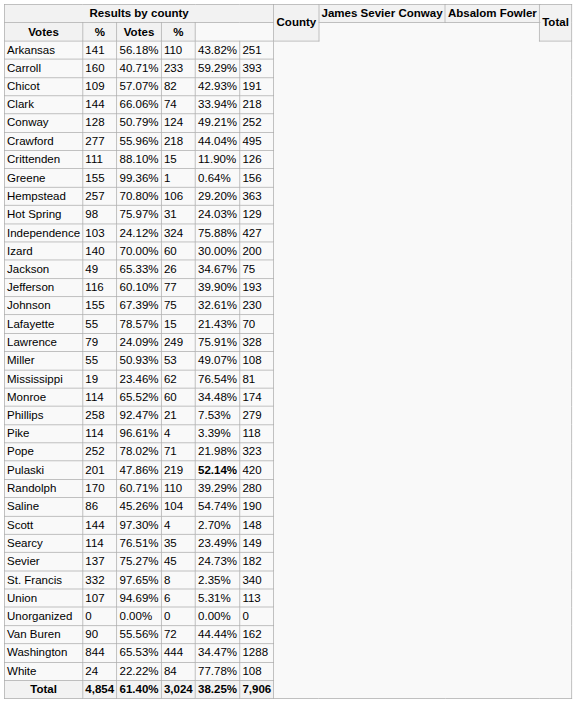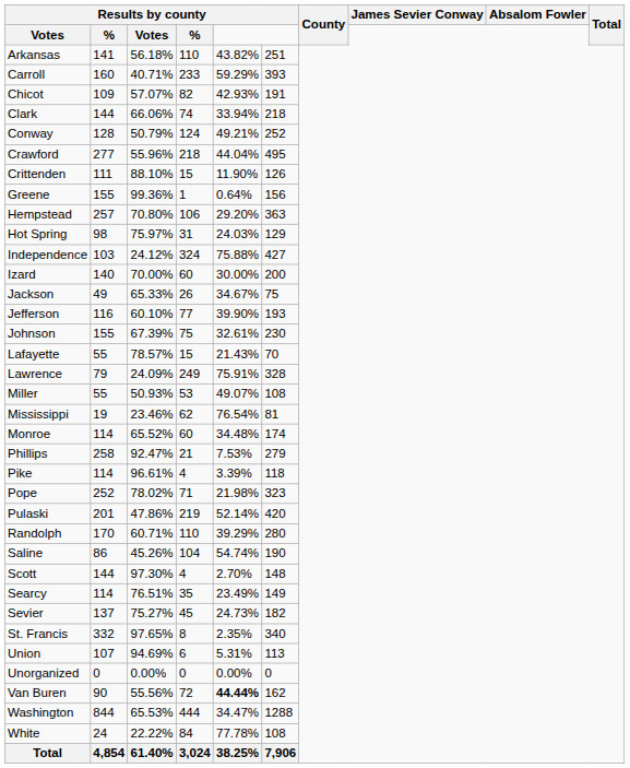 <table class="wikitable sortable mw-collapsible mw-collapsed">
 <tr>
 <th colspan="6"><strong>Results by county</strong></th>
 <th rowspan="2">County</th>
 <th colspan="2">James Sevier Conway</th>
 <th colspan="2">Absalom Fowler</th>
 <th rowspan="2">Total</th>
 </tr>
 <tr>
 <th>Votes</th>
 <th>%</th>
 <th>Votes</th>
 <th>%</th>
 </tr>
 <tr>
 <td>Arkansas</td>
 <td>141</td>
 <td>56.18%</td>
 <td>110</td>
 <td>43.82%</td>
 <td>251</td>
 </tr>
 <tr>
 <td>Carroll</td>
 <td>160</td>
 <td>40.71%</td>
 <td>233</td>
 <td>59.29%</td>
 <td>393</td>
 </tr>
 <tr>
 <td>Chicot</td>
 <td>109</td>
 <td>57.07%</td>
 <td>82</td>
 <td>42.93%</td>
 <td>191</td>
 </tr>
 <tr>
 <td>Clark</td>
 <td>144</td>
 <td>66.06%</td>
 <td>74</td>
 <td>33.94%</td>
 <td>218</td>
 </tr>
 <tr>
 <td>Conway</td>
 <td>128</td>
 <td>50.79%</td>
 <td>124</td>
 <td>49.21%</td>
 <td>252</td>
 </tr>
 <tr>
 <td>Crawford</td>
 <td>277</td>
 <td>55.96%</td>
 <td>218</td>
 <td>44.04%</td>
 <td>495</td>
 </tr>
 <tr>
 <td>Crittenden</td>
 <td>111</td>
 <td>88.10%</td>
 <td>15</td>
 <td>11.90%</td>
 <td>126</td>
 </tr>
 <tr>
 <td>Greene</td>
 <td>155</td>
 <td>99.36%</td>
 <td>1</td>
 <td>0.64%</td>
 <td>156</td>
 </tr>
 <tr>
 <td>Hempstead</td>
 <td>257</td>
 <td>70.80%</td>
 <td>106</td>
 <td>29.20%</td>
 <td>363</td>
 </tr>
 <tr>
 <td>Hot Spring</td>
 <td>98</td>
 <td>75.97%</td>
 <td>31</td>
 <td>24.03%</td>
 <td>129</td>
 </tr>
 <tr>
 <td>Independence</td>
 <td>103</td>
 <td>24.12%</td>
 <td>324</td>
 <td>75.88%</td>
 <td>427</td>
 </tr>
 <tr>
 <td>Izard</td>
 <td>140</td>
 <td>70.00%</td>
 <td>60</td>
 <td>30.00%</td>
 <td>200</td>
 </tr>
 <tr>
 <td>Jackson</td>
 <td>49</td>
 <td>65.33%</td>
 <td>26</td>
 <td>34.67%</td>
 <td>75</td>
 </tr>
 <tr>
 <td>Jefferson</td>
 <td>116</td>
 <td>60.10%</td>
 <td>77</td>
 <td>39.90%</td>
 <td>193</td>
 </tr>
 <tr>
 <td>Johnson</td>
 <td>155</td>
 <td>67.39%</td>
 <td>75</td>
 <td>32.61%</td>
 <td>230</td>
 </tr>
 <tr>
 <td>Lafayette</td>
 <td>55</td>
 <td>78.57%</td>
 <td>15</td>
 <td>21.43%</td>
 <td>70</td>
 </tr>
 <tr>
 <td>Lawrence</td>
 <td>79</td>
 <td>24.09%</td>
 <td>249</td>
 <td>75.91%</td>
 <td>328</td>
 </tr>
 <tr>
 <td>Miller</td>
 <td>55</td>
 <td>50.93%</td>
 <td>53</td>
 <td>49.07%</td>
 <td>108</td>
 </tr>
 <tr>
 <td>Mississippi</td>
 <td>19</td>
 <td>23.46%</td>
 <td>62</td>
 <td>76.54%</td>
 <td>81</td>
 </tr>
 <tr>
 <td>Monroe</td>
 <td>114</td>
 <td>65.52%</td>
 <td>60</td>
 <td>34.48%</td>
 <td>174</td>
 </tr>
 <tr>
 <td>Phillips</td>
 <td>258</td>
 <td>92.47%</td>
 <td>21</td>
 <td>7.53%</td>
 <td>279</td>
 </tr>
 <tr>
 <td>Pike</td>
 <td>114</td>
 <td>96.61%</td>
 <td>4</td>
 <td>3.39%</td>
 <td>118</td>
 </tr>
 <tr>
 <td>Pope</td>
 <td>252</td>
 <td>78.02%</td>
 <td>71</td>
 <td>21.98%</td>
 <td>323</td>
 </tr>
 <tr>
 <td>Pulaski</td>
 <td>201</td>
 <td>47.86%</td>
 <td>219</td>
-<td><strong>52.14%</strong></td>
+<td>52.14%</td>
 <td>420</td>
 </tr>
 <tr>
 <td>Randolph</td>
 <td>170</td>
 <td>60.71%</td>
 <td>110</td>
 <td>39.29%</td>
 <td>280</td>
 </tr>
 <tr>
 <td>Saline</td>
 <td>86</td>
 <td>45.26%</td>
 <td>104</td>
 <td>54.74%</td>
 <td>190</td>
 </tr>
 <tr>
 <td>Scott</td>
 <td>144</td>
 <td>97.30%</td>
 <td>4</td>
 <td>2.70%</td>
 <td>148</td>
 </tr>
 <tr>
 <td>Searcy</td>
 <td>114</td>
 <td>76.51%</td>
 <td>35</td>
 <td>23.49%</td>
 <td>149</td>
 </tr>
 <tr>
 <td>Sevier</td>
 <td>137</td>
 <td>75.27%</td>
 <td>45</td>
 <td>24.73%</td>
 <td>182</td>
 </tr>
 <tr>
 <td>St. Francis</td>
 <td>332</td>
 <td>97.65%</td>
 <td>8</td>
 <td>2.35%</td>
 <td>340</td>
 </tr>
 <tr>
 <td>Union</td>
 <td>107</td>
 <td>94.69%</td>
 <td>6</td>
 <td>5.31%</td>
 <td>113</td>
 </tr>
 <tr>
 <td>Unorganized</td>
 <td>0</td>
 <td>0.00%</td>
 <td>0</td>
 <td>0.00%</td>
 <td>0</td>
 </tr>
 <tr>
 <td>Van Buren</td>
 <td>90</td>
 <td>55.56%</td>
 <td>72</td>
-<td>44.44%</td>
+<td><strong>44.44%</strong></td>
 <td>162</td>
 </tr>
 <tr>
 <td>Washington</td>
 <td>844</td>
 <td>65.53%</td>
 <td>444</td>
 <td>34.47%</td>
 <td>1288</td>
 </tr>
 <tr>
 <td>White</td>
 <td>24</td>
 <td>22.22%</td>
 <td>84</td>
 <td>77.78%</td>
 <td>108</td>
 </tr>
 <tr>
 <th>Total</th>
 <th>4,854</th>
 <th>61.40%</th>
 <th>3,024</th>
 <th>38.25%</th>
 <th>7,906</th>
 </tr>
 </table>
